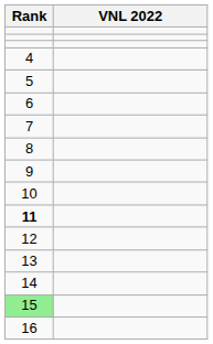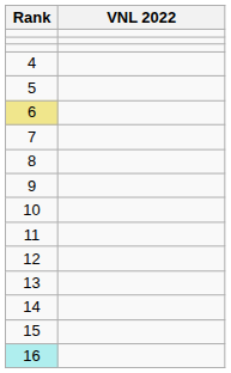 <table class="wikitable sortable" style="font-size:85%; text-align:center;">
 <tr>
 <th width=40>Rank</th>
 <th width=140>VNL 2022</th>
 </tr>
 <tr>
 <td></td>
 <td style="text-align:left"></td>
 </tr>
 <tr>
 <td></td>
 <td style="text-align:left"></td>
 </tr>
 <tr>
 <td></td>
 <td style="text-align:left"></td>
 </tr>
 <tr>
 <td>4</td>
 <td style="text-align:left"></td>
 </tr>
 <tr>
 <td>5</td>
 <td style="text-align:left"></td>
 </tr>
 <tr>
-<td>6</td>
+<td style="background: khaki;">6</td>
 <td style="text-align:left"></td>
 </tr>
 <tr>
 <td>7</td>
 <td style="text-align:left"></td>
 </tr>
 <tr>
 <td>8</td>
 <td style="text-align:left"></td>
 </tr>
 <tr>
 <td>9</td>
 <td style="text-align:left"></td>
 </tr>
 <tr>
 <td>10</td>
 <td style="text-align:left"></td>
 </tr>
 <tr>
-<td><strong>11</strong></td>
+<td>11</td>
 <td style="text-align:left"></td>
 </tr>
 <tr>
 <td>12</td>
 <td style="text-align:left"></td>
 </tr>
 <tr>
 <td>13</td>
 <td style="text-align:left"></td>
 </tr>
 <tr>
 <td>14</td>
 <td style="text-align:left"></td>
 </tr>
 <tr>
-<td style="background: lightgreen;">15</td>
+<td>15</td>
 <td style="text-align:left"></td>
 </tr>
 <tr>
-<td>16</td>
+<td style="background: paleturquoise;">16</td>
 <td style="text-align:left"></td>
 </tr>
 </table>
